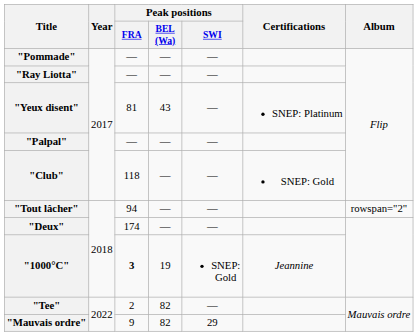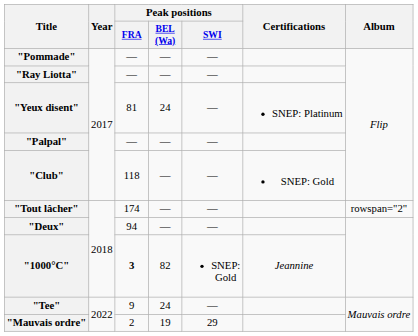 <table class="wikitable plainrowheaders" style="text-align:center">
 <tr>
 <th scope="col" rowspan="2">Title</th>
 <th scope="col" rowspan="2">Year</th>
 <th scope="col" colspan="3">Peak positions</th>
 <th scope="col" rowspan="2">Certifications</th>
 <th scope="col" rowspan="2">Album</th>
 </tr>
 <tr>
 <th scope="col" style="width:3em;font-size:90%;"><a href='#'>FRA</a><br></th>
 <th scope="col" style="width:3em;font-size:90%;"><a href='#'>BEL<br>(Wa)</a><br></th>
 <th scope="col" style="width:3em;font-size:90%;"><a href='#'>SWI</a><br></th>
 </tr>
 <tr>
 <th scope="row">"Pommade"</th>
 <td rowspan="5">2017</td>
 <td>—</td>
 <td>—</td>
 <td>—</td>
 <td></td>
 <td rowspan="5"><em>Flip</em></td>
 </tr>
 <tr>
 <th scope="row">"Ray Liotta"</th>
 <td>—</td>
 <td>—</td>
 <td>—</td>
 <td></td>
 </tr>
 <tr>
 <th scope="row">"Yeux disent"</th>
 <td>81</td>
-<td>43</td>
+<td>24</td>
 <td>—</td>
 <td><br><ul><li>SNEP: Platinum</li></ul></td>
 </tr>
 <tr>
 <th scope="row">"Palpal"</th>
 <td>—</td>
 <td>—</td>
 <td>—</td>
 <td></td>
 </tr>
 <tr>
 <th scope="row">"Club"</th>
 <td>118</td>
 <td>—</td>
 <td>—</td>
 <td><br><ul><li>SNEP: Gold</li></ul></td>
 </tr>
 <tr>
 <th scope="row">"Tout lâcher"</th>
 <td rowspan="3">2018</td>
-<td>94</td>
+<td>174</td>
 <td>—</td>
 <td>—</td>
 <td></td>
 <td>rowspan="2" </td>
 </tr>
 <tr>
 <th scope="row">"Deux"</th>
-<td>174</td>
+<td>94</td>
 <td>—</td>
 <td>—</td>
 <td></td>
 </tr>
 <tr>
 <th scope="row">"1000°C"</th>
 <td><strong>3</strong></td>
-<td>19</td>
+<td>82</td>
 <td><br><ul><li>SNEP: Gold</li></ul></td>
 <td><em>Jeannine</em></td>
 </tr>
 <tr>
 <th scope="row">"Tee"</th>
 <td rowspan="2">2022</td>
-<td>2</td>
-<td>82</td>
+<td>9</td>
+<td>24</td>
 <td>—</td>
 <td></td>
 <td rowspan="2"><em>Mauvais ordre</em></td>
 </tr>
 <tr>
 <th scope="row">"Mauvais ordre"</th>
-<td>9</td>
-<td>82</td>
+<td>2</td>
+<td>19</td>
 <td>29</td>
 <td></td>
 </tr>
 </table>
